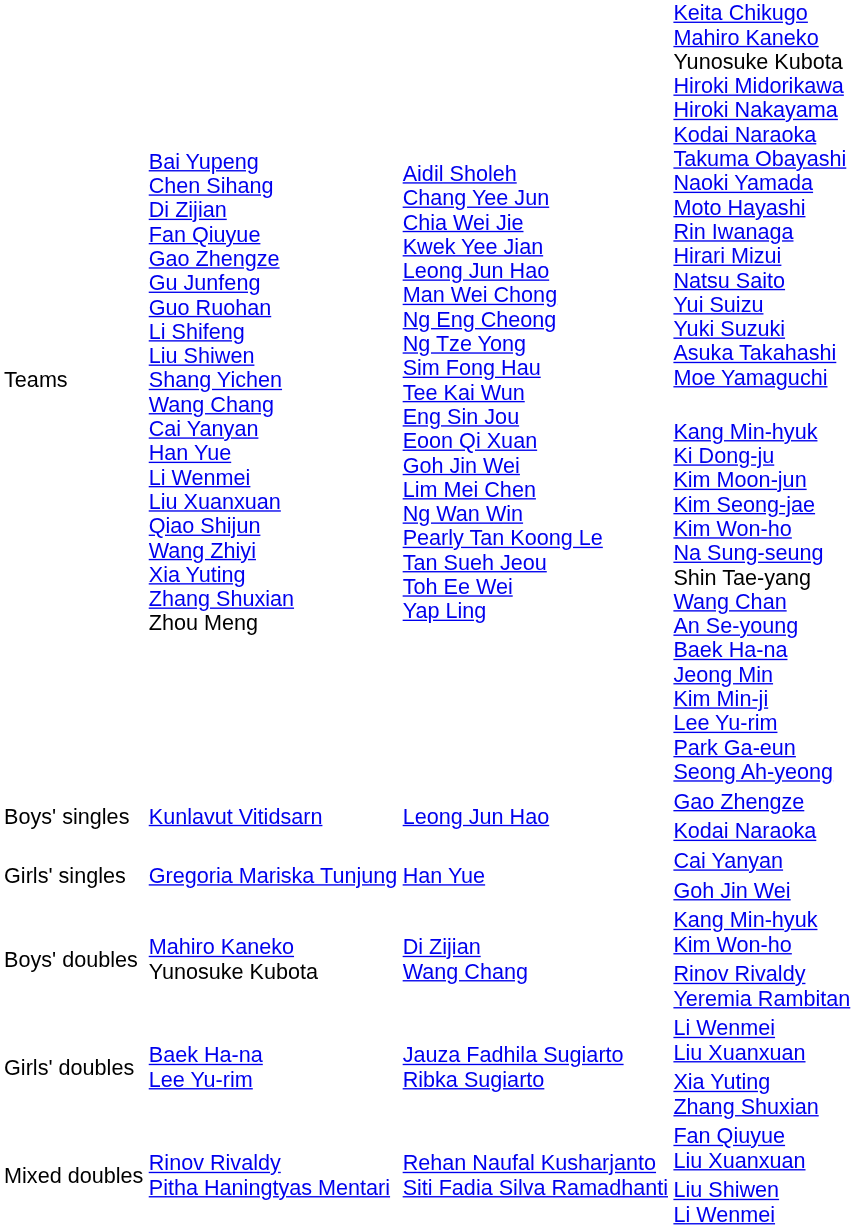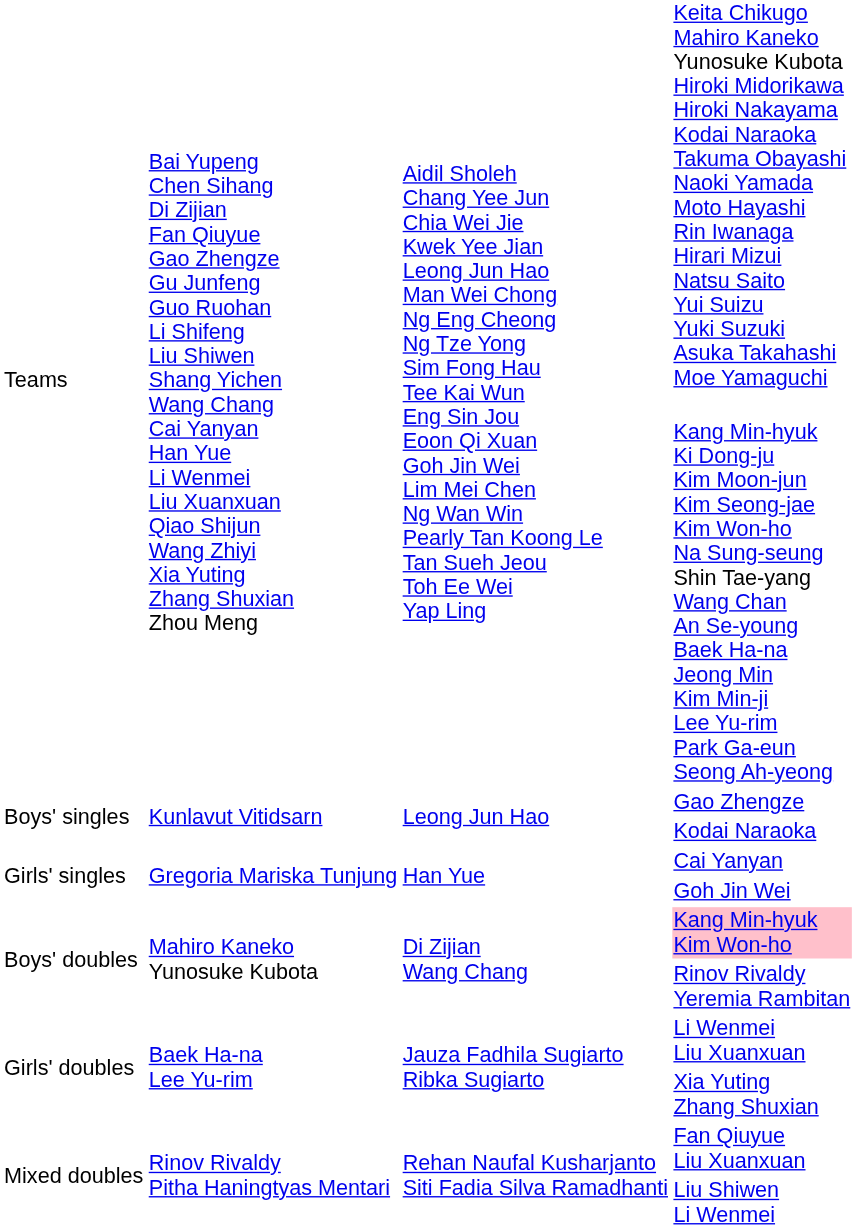 <table>
 <tr>
 <td rowspan=2>Teams<br></td>
 <td rowspan=2> <br><a href='#'>Bai Yupeng</a><br><a href='#'>Chen Sihang</a><br><a href='#'>Di Zijian</a><br><a href='#'>Fan Qiuyue</a><br><a href='#'>Gao Zhengze</a><br><a href='#'>Gu Junfeng</a><br><a href='#'>Guo Ruohan</a><br><a href='#'>Li Shifeng</a><br><a href='#'>Liu Shiwen</a><br><a href='#'>Shang Yichen</a><br><a href='#'>Wang Chang</a><br><a href='#'>Cai Yanyan</a><br><a href='#'>Han Yue</a><br><a href='#'>Li Wenmei</a><br><a href='#'>Liu Xuanxuan</a><br><a href='#'>Qiao Shijun</a><br><a href='#'>Wang Zhiyi</a><br><a href='#'>Xia Yuting</a><br><a href='#'>Zhang Shuxian</a><br>Zhou Meng</td>
 <td rowspan=2> <br><a href='#'>Aidil Sholeh</a><br><a href='#'>Chang Yee Jun</a><br><a href='#'>Chia Wei Jie</a><br><a href='#'>Kwek Yee Jian</a><br><a href='#'>Leong Jun Hao</a><br><a href='#'>Man Wei Chong</a><br><a href='#'>Ng Eng Cheong</a><br><a href='#'>Ng Tze Yong</a><br><a href='#'>Sim Fong Hau</a><br><a href='#'>Tee Kai Wun</a><br><a href='#'>Eng Sin Jou</a><br><a href='#'>Eoon Qi Xuan</a><br><a href='#'>Goh Jin Wei</a><br><a href='#'>Lim Mei Chen</a><br><a href='#'>Ng Wan Win</a><br><a href='#'>Pearly Tan Koong Le</a><br><a href='#'>Tan Sueh Jeou</a><br><a href='#'>Toh Ee Wei</a><br><a href='#'>Yap Ling</a></td>
 <td> <br><a href='#'>Keita Chikugo</a><br><a href='#'>Mahiro Kaneko</a><br>Yunosuke Kubota<br><a href='#'>Hiroki Midorikawa</a><br><a href='#'>Hiroki Nakayama</a><br><a href='#'>Kodai Naraoka</a><br><a href='#'>Takuma Obayashi</a><br><a href='#'>Naoki Yamada</a><br><a href='#'>Moto Hayashi</a><br><a href='#'>Rin Iwanaga</a><br><a href='#'>Hirari Mizui</a><br><a href='#'>Natsu Saito</a><br><a href='#'>Yui Suizu</a><br><a href='#'>Yuki Suzuki</a><br><a href='#'>Asuka Takahashi</a><br><a href='#'>Moe Yamaguchi</a></td>
 </tr>
 <tr>
 <td> <br><a href='#'>Kang Min-hyuk</a><br><a href='#'>Ki Dong-ju</a><br><a href='#'>Kim Moon-jun</a><br><a href='#'>Kim Seong-jae</a><br><a href='#'>Kim Won-ho</a><br><a href='#'>Na Sung-seung</a><br>Shin Tae-yang<br><a href='#'>Wang Chan</a><br><a href='#'>An Se-young</a><br><a href='#'>Baek Ha-na</a><br><a href='#'>Jeong Min</a><br><a href='#'>Kim Min-ji</a><br><a href='#'>Lee Yu-rim</a><br><a href='#'>Park Ga-eun</a><br><a href='#'>Seong Ah-yeong</a></td>
 </tr>
 <tr>
 <td rowspan=2>Boys' singles<br></td>
 <td rowspan=2> <a href='#'>Kunlavut Vitidsarn</a></td>
 <td rowspan=2> <a href='#'>Leong Jun Hao</a></td>
 <td> <a href='#'>Gao Zhengze</a></td>
 </tr>
 <tr>
 <td> <a href='#'>Kodai Naraoka</a></td>
 </tr>
 <tr>
 <td rowspan=2>Girls' singles<br></td>
 <td rowspan=2> <a href='#'>Gregoria Mariska Tunjung</a></td>
 <td rowspan=2> <a href='#'>Han Yue</a></td>
 <td> <a href='#'>Cai Yanyan</a></td>
 </tr>
 <tr>
 <td> <a href='#'>Goh Jin Wei</a></td>
 </tr>
 <tr>
 <td rowspan=2>Boys' doubles<br></td>
 <td rowspan=2> <a href='#'>Mahiro Kaneko</a><br> Yunosuke Kubota</td>
 <td rowspan=2> <a href='#'>Di Zijian</a><br> <a href='#'>Wang Chang</a></td>
-<td> <a href='#'>Kang Min-hyuk</a><br>  <a href='#'>Kim Won-ho</a></td>
+<td style="background: pink;"> <a href='#'>Kang Min-hyuk</a><br>  <a href='#'>Kim Won-ho</a></td>
 </tr>
 <tr>
 <td> <a href='#'>Rinov Rivaldy</a><br> <a href='#'>Yeremia Rambitan</a></td>
 </tr>
 <tr>
 <td rowspan=2>Girls' doubles<br></td>
 <td rowspan=2> <a href='#'>Baek Ha-na</a><br> <a href='#'>Lee Yu-rim</a></td>
 <td rowspan=2> <a href='#'>Jauza Fadhila Sugiarto</a><br> <a href='#'>Ribka Sugiarto</a></td>
 <td> <a href='#'>Li Wenmei</a><br> <a href='#'>Liu Xuanxuan</a></td>
 </tr>
 <tr>
 <td> <a href='#'>Xia Yuting</a><br> <a href='#'>Zhang Shuxian</a></td>
 </tr>
 <tr>
 <td rowspan=2>Mixed doubles<br></td>
 <td rowspan=2> <a href='#'>Rinov Rivaldy</a><br> <a href='#'>Pitha Haningtyas Mentari</a></td>
 <td rowspan=2> <a href='#'>Rehan Naufal Kusharjanto</a><br> <a href='#'>Siti Fadia Silva Ramadhanti</a></td>
 <td> <a href='#'>Fan Qiuyue</a><br> <a href='#'>Liu Xuanxuan</a></td>
 </tr>
 <tr>
 <td> <a href='#'>Liu Shiwen</a><br> <a href='#'>Li Wenmei</a></td>
 </tr>
 </table>
